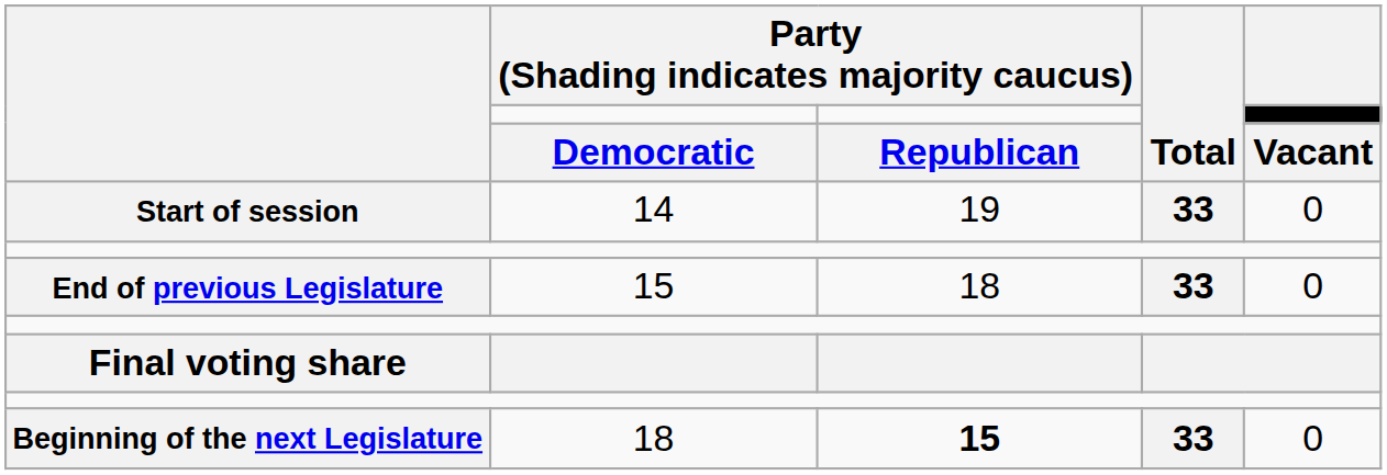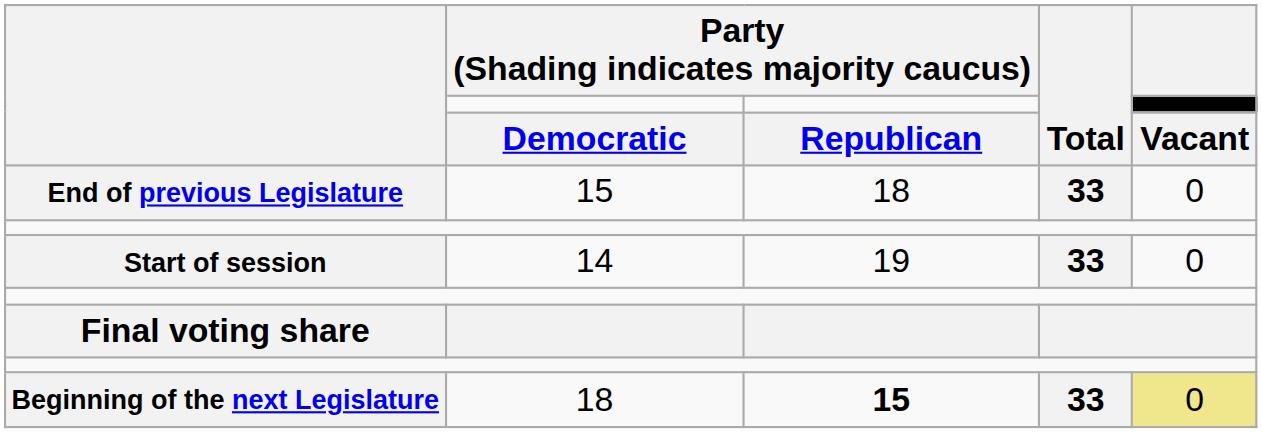 <table class=wikitable style="text-align:center">
 <tr style="vertical-align:bottom;">
 <th rowspan=3></th>
 <th colspan=2>Party <div>(Shading indicates majority caucus)</div></th>
 <th rowspan=3>Total</th>
 <th></th>
 </tr>
 <tr style="height:5px">
 <td style="background-color:"></td>
 <td style="background-color:"></td>
 <td style="background-color:black"></td>
 </tr>
 <tr>
 <th><a href='#'>Democratic</a></th>
 <th><a href='#'>Republican</a></th>
 <th>Vacant</th>
 </tr>
 <tr>
-<th nowrap style="font-size:80%">Start of session</th>
-<td>14</td>
-<td>19</td>
+<th nowrap style="font-size:80%">End of <a href='#'>previous Legislature</a></th>
+<td>15</td>
+<td>18</td>
 <th>33</th>
 <td>0</td>
 </tr>
 <tr>
 <td colspan=5></td>
 </tr>
 <tr>
-<th nowrap style="font-size:80%">End of <a href='#'>previous Legislature</a></th>
-<td>15</td>
-<td>18</td>
+<th nowrap style="font-size:80%">Start of session</th>
+<td>14</td>
+<td>19</td>
 <th>33</th>
 <td>0</td>
 </tr>
 <tr>
 <td colspan=5></td>
 </tr>
 <tr>
 <th>Final voting share</th>
 <th></th>
 <th></th>
 <th colspan=2></th>
 </tr>
 <tr>
 <td colspan=5></td>
 </tr>
 <tr>
 <th style="white-space:nowrap; font-size:80%;">Beginning of the <a href='#'>next Legislature</a></th>
 <td>18</td>
 <td><strong>15</strong></td>
 <th>33</th>
-<td>0</td>
+<td style="background: khaki;">0</td>
 </tr>
 </table>
